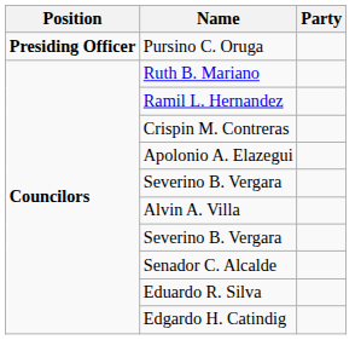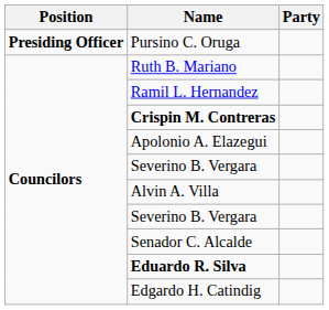 <table class=wikitable>
 <tr>
 <th>Position</th>
 <th>Name</th>
 <th colspan=2>Party</th>
 </tr>
 <tr>
 <td><strong>Presiding Officer</strong></td>
 <td>Pursino C. Oruga</td>
 <td></td>
 </tr>
 <tr>
 <td rowspan=10><strong>Councilors</strong></td>
 <td><a href='#'>Ruth B. Mariano</a></td>
 <td></td>
 </tr>
 <tr>
 <td><a href='#'>Ramil L. Hernandez</a></td>
 <td></td>
 </tr>
 <tr>
-<td>Crispin M. Contreras</td>
+<td><strong>Crispin M. Contreras</strong></td>
 <td></td>
 </tr>
 <tr>
 <td>Apolonio A. Elazegui</td>
 <td></td>
 </tr>
 <tr>
 <td>Severino B. Vergara</td>
 <td></td>
 </tr>
 <tr>
 <td>Alvin A. Villa</td>
 <td></td>
 </tr>
 <tr>
 <td>Severino B. Vergara</td>
 <td></td>
 </tr>
 <tr>
 <td>Senador C. Alcalde</td>
 <td></td>
 </tr>
 <tr>
-<td>Eduardo R. Silva</td>
+<td><strong>Eduardo R. Silva</strong></td>
 <td></td>
 </tr>
 <tr>
 <td>Edgardo H. Catindig</td>
 <td></td>
 </tr>
 </table>
